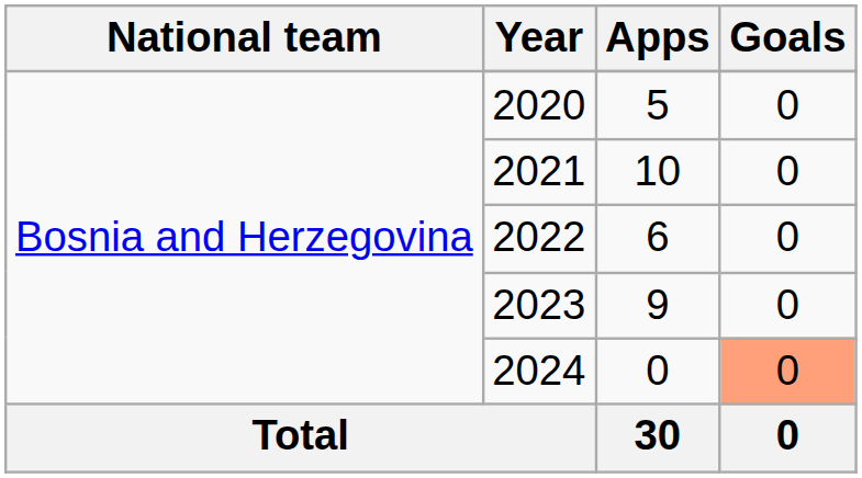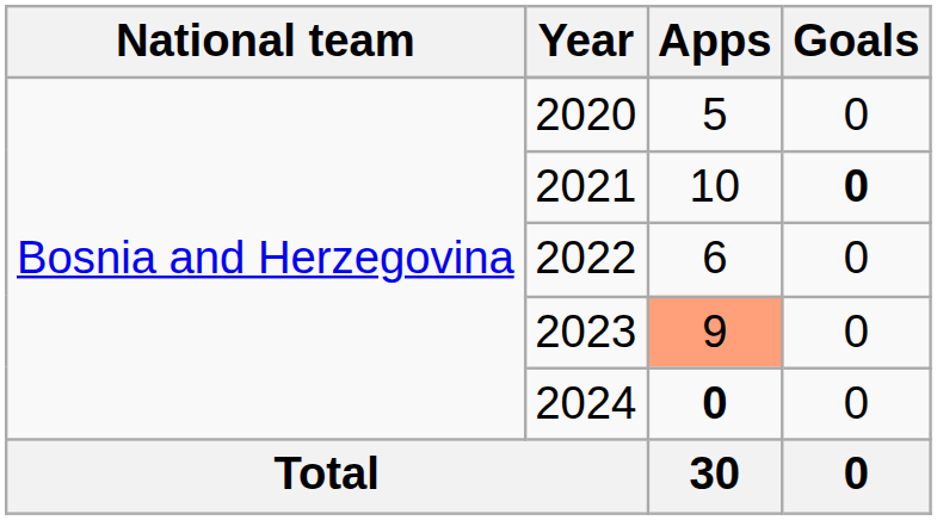 <table class="wikitable" style="text-align:center">
 <tr>
 <th>National team</th>
 <th>Year</th>
 <th>Apps</th>
 <th>Goals</th>
 </tr>
 <tr>
 <td rowspan=6><a href='#'>Bosnia and Herzegovina</a></td>
 </tr>
 <tr>
 <td>2020</td>
 <td>5</td>
 <td>0</td>
 </tr>
 <tr>
 <td>2021</td>
 <td>10</td>
-<td>0</td>
+<td><strong>0</strong></td>
 </tr>
 <tr>
 <td>2022</td>
 <td>6</td>
 <td>0</td>
 </tr>
 <tr>
 <td>2023</td>
-<td>9</td>
+<td style="background: lightsalmon;">9</td>
 <td>0</td>
 </tr>
 <tr>
 <td>2024</td>
+<td><strong>0</strong></td>
 <td>0</td>
-<td style="background: lightsalmon;">0</td>
 </tr>
 <tr>
 <th colspan=2>Total</th>
 <th>30</th>
 <th>0</th>
 </tr>
 </table>
